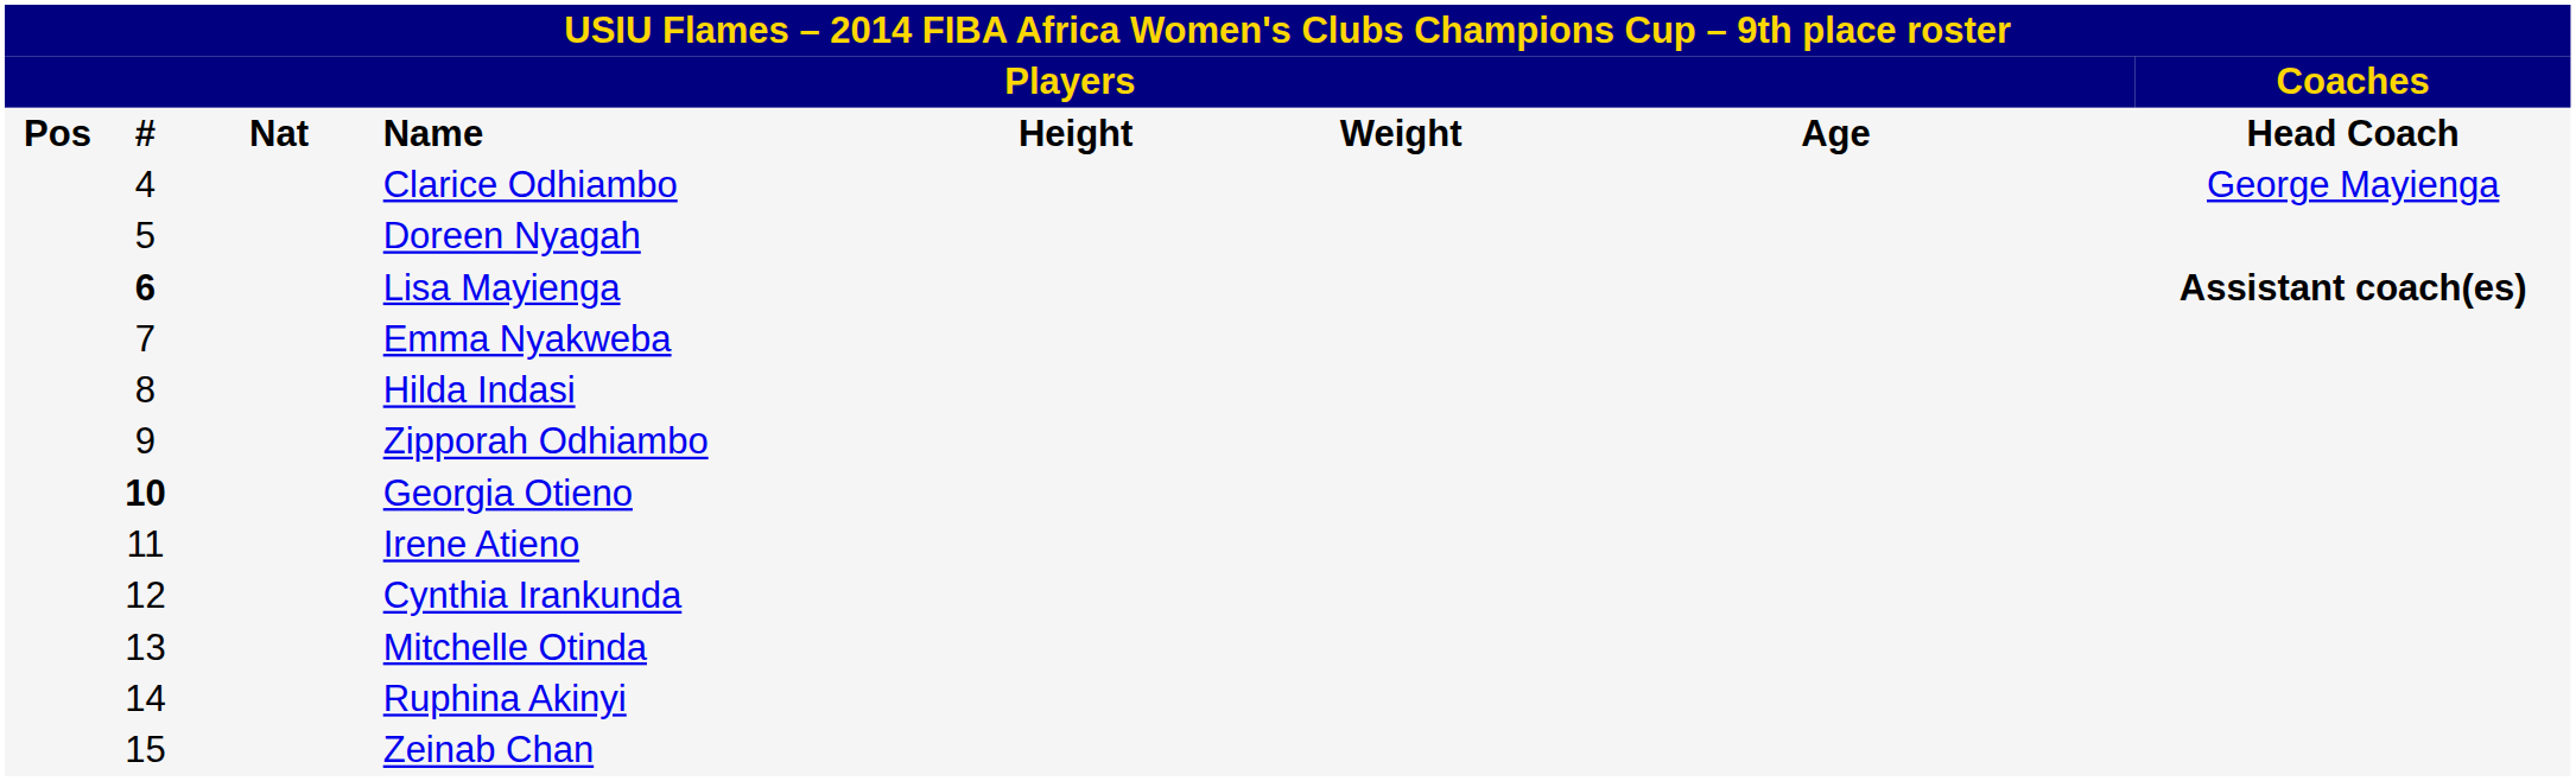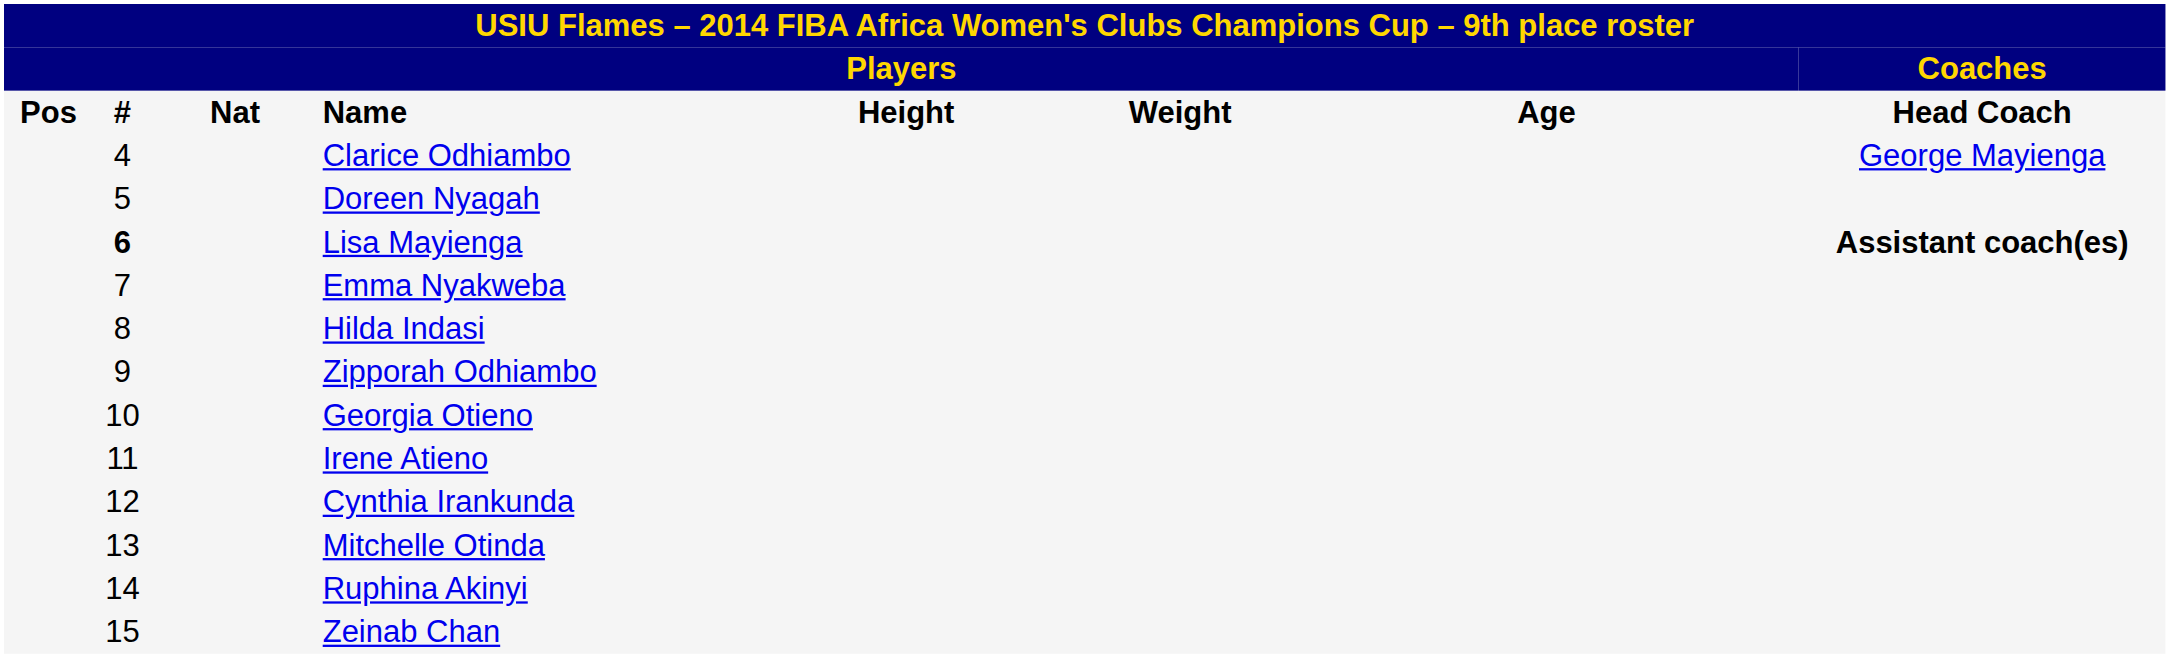 <table border=0 cellpadding=2 cellspacing=0  |- bgcolor=#f5f5f5 style="text-align:center; font-size:85%;" width=75%>
 <tr>
 <td colspan="8" style="background: navy; color: #ffd700"><strong>USIU Flames – 2014 FIBA Africa Women's Clubs Champions Cup – 9th place roster</strong></td>
 </tr>
 <tr>
 <td colspan="7" style="background: navy; color: #ffd700"><strong>Players</strong></td>
 <td style="background: navy; color: #ffd700"><strong>Coaches</strong></td>
 </tr>
 <tr style="background=#f5f5f5; color: black">
 <th width=5px>Pos</th>
 <th width=5px>#</th>
 <th width=50px>Nat</th>
 <th width=135px align=left>Name</th>
 <th width=100px>Height</th>
 <th width=70px>Weight</th>
 <th width=160px>Age</th>
 <th width=115px>Head Coach</th>
 </tr>
 <tr>
 <td></td>
 <td>4</td>
 <td></td>
 <td align=left><a href='#'>Clarice Odhiambo</a></td>
 <td></td>
 <td></td>
 <td><span></span></td>
 <td> <a href='#'>George Mayienga</a></td>
 </tr>
 <tr>
 <td></td>
 <td>5</td>
 <td></td>
 <td align=left><a href='#'>Doreen Nyagah</a></td>
 <td><span></span></td>
 <td><span></span></td>
 <td><span></span></td>
 </tr>
 <tr>
 <td></td>
 <td><strong>6</strong></td>
 <td></td>
 <td align=left><a href='#'>Lisa Mayienga</a></td>
 <td></td>
 <td></td>
 <td><span></span></td>
 <td><strong>Assistant coach(es)</strong></td>
 </tr>
 <tr>
 <td></td>
 <td>7</td>
 <td></td>
 <td align=left><a href='#'>Emma Nyakweba</a></td>
 <td><span></span></td>
 <td><span></span></td>
 <td><span></span></td>
 </tr>
 <tr>
 <td></td>
 <td>8</td>
 <td></td>
 <td align=left><a href='#'>Hilda Indasi</a></td>
 <td><span></span></td>
 <td><span></span></td>
 <td><span></span></td>
 </tr>
 <tr>
 <td></td>
 <td>9</td>
 <td></td>
 <td align=left><a href='#'>Zipporah Odhiambo</a></td>
 <td><span></span></td>
 <td><span></span></td>
 <td><span></span></td>
 </tr>
 <tr>
 <td></td>
-<td><strong>10</strong></td>
+<td>10</td>
 <td></td>
 <td align=left><a href='#'>Georgia Otieno</a></td>
 <td><span></span></td>
 <td><span></span></td>
 <td><span></span></td>
 </tr>
 <tr>
 <td></td>
 <td>11</td>
 <td></td>
 <td align=left><a href='#'>Irene Atieno</a></td>
 <td></td>
 <td></td>
 <td><span></span></td>
 </tr>
 <tr>
 <td></td>
 <td>12</td>
 <td></td>
 <td align=left><a href='#'>Cynthia Irankunda</a></td>
 <td><span></span></td>
 <td><span></span></td>
 <td><span></span></td>
 </tr>
 <tr>
 <td></td>
 <td>13</td>
 <td></td>
 <td align=left><a href='#'>Mitchelle Otinda</a></td>
 <td></td>
 <td></td>
 <td><span></span></td>
 </tr>
 <tr>
 <td></td>
 <td>14</td>
 <td></td>
 <td align=left><a href='#'>Ruphina Akinyi</a></td>
 <td><span></span></td>
 <td><span></span></td>
 <td><span></span></td>
 </tr>
 <tr>
 <td></td>
 <td>15</td>
 <td></td>
 <td align=left><a href='#'>Zeinab Chan</a></td>
 <td><span></span></td>
 <td></td>
 <td><span></span></td>
 </tr>
 </table>
